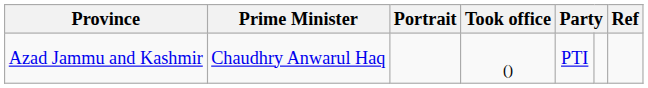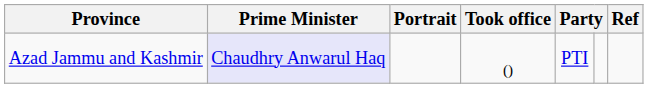 <table class="wikitable sortable" style="text-align:center">
 <tr>
 <th scope=col>Province</th>
 <th scope=col>Prime Minister</th>
 <th scope=col class=unsortable>Portrait</th>
 <th scope=col>Took office<br></th>
 <th scope=col colspan=2>Party</th>
 <th scope=col class=unsortable>Ref</th>
 </tr>
 <tr>
 <td><a href='#'>Azad Jammu and Kashmir</a><br></td>
-<td><a href='#'>Chaudhry Anwarul Haq</a></td>
+<td style="background: lavender;"><a href='#'>Chaudhry Anwarul Haq</a></td>
 <td></td>
 <td><br><small>()</small></td>
 <td><a href='#'>PTI</a></td>
 <td width="4px"></td>
 <td></td>
 </tr>
 </table>
